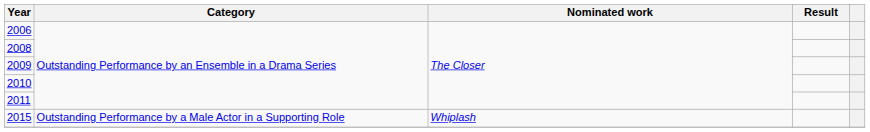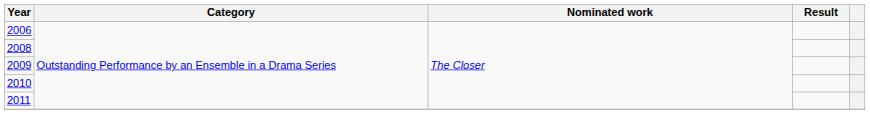 <table class=wikitable>
 <tr>
 <th scope="col" style="width:1em;">Year</th>
 <th scope="col" style="width:39em;">Category</th>
 <th scope="col" style="width:36em;">Nominated work</th>
 <th scope="col" style="width:5em;">Result</th>
 <th scope="col" style="width:1em;"></th>
 </tr>
 <tr>
 <td><a href='#'>2006</a></td>
 <td rowspan="5"><a href='#'>Outstanding Performance by an Ensemble in a Drama Series</a></td>
 <td rowspan="5"><em><a href='#'>The Closer</a></em></td>
 <td></td>
 <th align=center></th>
 </tr>
 <tr>
 <td><a href='#'>2008</a></td>
 <td></td>
 <th align=center></th>
 </tr>
 <tr>
 <td><a href='#'>2009</a></td>
 <td></td>
 <th align=center></th>
 </tr>
 <tr>
 <td><a href='#'>2010</a></td>
 <td></td>
 <th align=center></th>
 </tr>
 <tr>
 <td><a href='#'>2011</a></td>
 <td></td>
 <th align=center></th>
 </tr>
 <tr>
-<td><a href='#'>2015</a></td>
-<td><a href='#'>Outstanding Performance by a Male Actor in a Supporting Role</a></td>
-<td><em><a href='#'>Whiplash</a></em></td>
-<td></td>
-<th align=center></th>
-</tr>
-<tr>
 </tr>
 </table>
